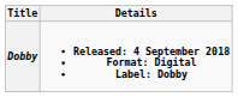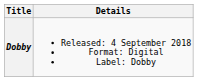 <table class="wikitable plainrowheaders" style="text-align:center;" border="1">
 <tr>
 <th>Title</th>
 <th>Details</th>
 </tr>
 <tr>
 <th scope="row"><em>Dobby</em></th>
-<td><strong><br><ul><li>Released: 4 September 2018</li><li>Format: Digital</li><li>Label: Dobby</li></ul></strong></td>
+<td><br><ul><li>Released: 4 September 2018</li><li>Format: Digital</li><li>Label: Dobby</li></ul></td>
 </tr>
 </table>
